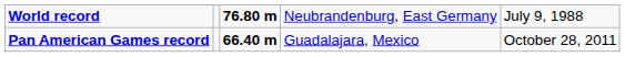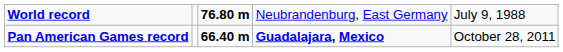 <table class="wikitable">
 <tr>
 <td><strong><a href='#'>World record</a></strong></td>
 <td></td>
 <td><strong>76.80 m</strong></td>
 <td><a href='#'>Neubrandenburg</a>, <a href='#'>East Germany</a></td>
 <td>July 9, 1988</td>
 </tr>
 <tr>
 <td><strong><a href='#'>Pan American Games record</a></strong></td>
 <td></td>
 <td><strong>66.40 m</strong></td>
-<td><a href='#'>Guadalajara</a>, <a href='#'>Mexico</a></td>
+<td><strong><a href='#'>Guadalajara</a>, <a href='#'>Mexico</a></strong></td>
 <td>October 28, 2011</td>
 </tr>
 </table>
